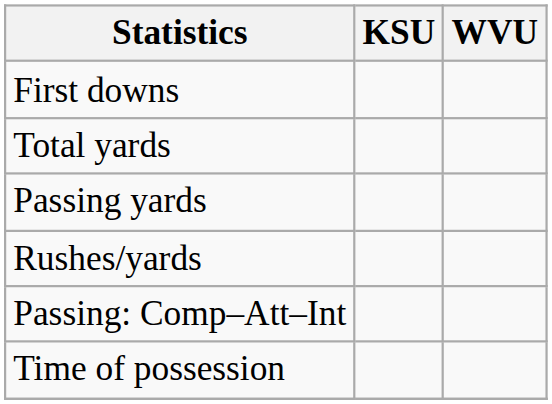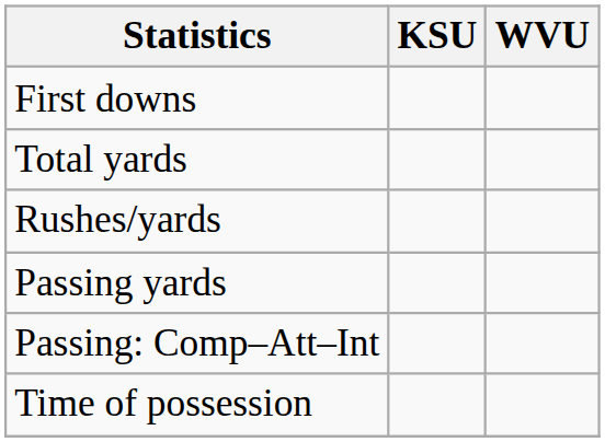 <table class="wikitable" style="float: left;">
 <tr>
 <th>Statistics</th>
 <th>KSU</th>
 <th>WVU</th>
 </tr>
 <tr>
 <td>First downs</td>
 <td></td>
 <td></td>
 </tr>
 <tr>
 <td>Total yards</td>
 <td></td>
 <td></td>
 </tr>
 <tr>
-<td>Passing yards</td>
+<td>Rushes/yards</td>
 <td></td>
 <td></td>
 </tr>
 <tr>
-<td>Rushes/yards</td>
+<td>Passing yards</td>
 <td></td>
 <td></td>
 </tr>
 <tr>
 <td>Passing: Comp–Att–Int</td>
 <td></td>
 <td></td>
 </tr>
 <tr>
 <td>Time of possession</td>
 <td></td>
 <td></td>
 </tr>
 <tr>
 </tr>
 </table>
